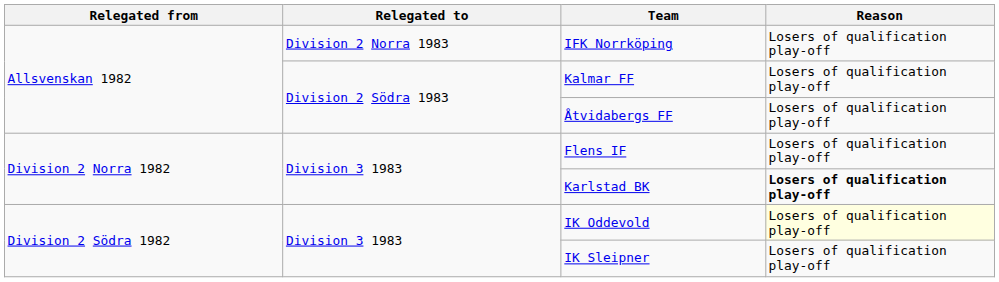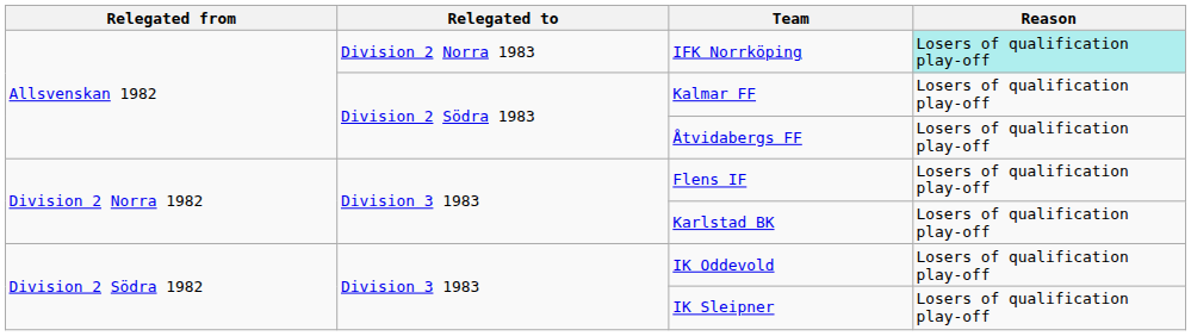 <table class="wikitable" style="text-align: left;">
 <tr>
 <th style="width: 275px;">Relegated from</th>
 <th style="width: 275px;">Relegated to</th>
 <th style="width: 200px;">Team</th>
 <th style="width: 225px;">Reason</th>
 </tr>
 <tr>
 <td rowspan=3><a href='#'>Allsvenskan</a> 1982</td>
 <td><a href='#'>Division 2</a> <a href='#'>Norra</a> 1983</td>
 <td><a href='#'>IFK Norrköping</a></td>
-<td>Losers of qualification play-off</td>
+<td style="background: paleturquoise;">Losers of qualification play-off</td>
 </tr>
 <tr>
 <td rowspan=2><a href='#'>Division 2</a> <a href='#'>Södra</a> 1983</td>
 <td><a href='#'>Kalmar FF</a></td>
 <td>Losers of qualification play-off</td>
 </tr>
 <tr>
 <td><a href='#'>Åtvidabergs FF</a></td>
 <td>Losers of qualification play-off</td>
 </tr>
 <tr>
 <td rowspan=2><a href='#'>Division 2</a> <a href='#'>Norra</a> 1982</td>
 <td rowspan=2><a href='#'>Division 3</a> 1983</td>
 <td><a href='#'>Flens IF</a></td>
 <td>Losers of qualification play-off</td>
 </tr>
 <tr>
 <td><a href='#'>Karlstad BK</a></td>
-<td><strong>Losers of qualification play-off</strong></td>
+<td>Losers of qualification play-off</td>
 </tr>
 <tr>
 <td rowspan=2><a href='#'>Division 2</a> <a href='#'>Södra</a> 1982</td>
 <td rowspan=2><a href='#'>Division 3</a> 1983</td>
 <td><a href='#'>IK Oddevold</a></td>
-<td style="background: lightyellow;">Losers of qualification play-off</td>
+<td>Losers of qualification play-off</td>
 </tr>
 <tr>
 <td><a href='#'>IK Sleipner</a></td>
 <td>Losers of qualification play-off</td>
 </tr>
 </table>
